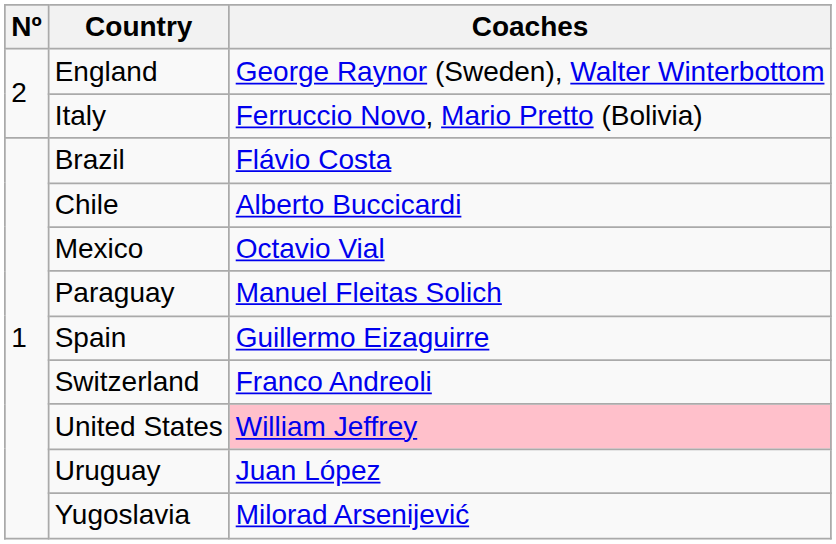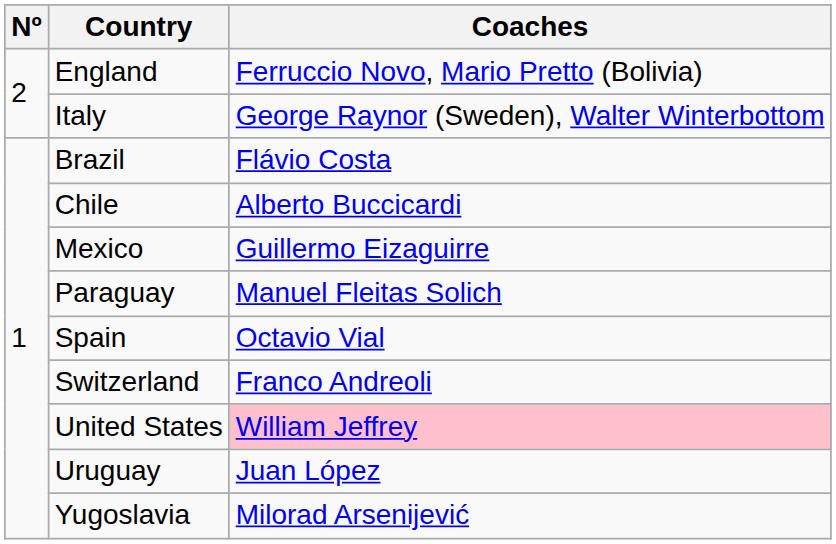 <table class="wikitable">
 <tr>
 <th>Nº</th>
 <th>Country</th>
 <th>Coaches</th>
 </tr>
 <tr>
 <td rowspan="2">2</td>
 <td> England</td>
-<td><a href='#'>George Raynor</a> (Sweden), <a href='#'>Walter Winterbottom</a></td>
+<td><a href='#'>Ferruccio Novo</a>, <a href='#'>Mario Pretto</a> (Bolivia)</td>
 </tr>
 <tr>
 <td> Italy</td>
-<td><a href='#'>Ferruccio Novo</a>, <a href='#'>Mario Pretto</a> (Bolivia)</td>
+<td><a href='#'>George Raynor</a> (Sweden), <a href='#'>Walter Winterbottom</a></td>
 </tr>
 <tr>
 <td rowspan="9">1</td>
 <td> Brazil</td>
 <td><a href='#'>Flávio Costa</a></td>
 </tr>
 <tr>
 <td> Chile</td>
 <td><a href='#'>Alberto Buccicardi</a></td>
 </tr>
 <tr>
 <td> Mexico</td>
-<td><a href='#'>Octavio Vial</a></td>
+<td><a href='#'>Guillermo Eizaguirre</a></td>
 </tr>
 <tr>
 <td> Paraguay</td>
 <td><a href='#'>Manuel Fleitas Solich</a></td>
 </tr>
 <tr>
 <td> Spain</td>
-<td><a href='#'>Guillermo Eizaguirre</a></td>
+<td><a href='#'>Octavio Vial</a></td>
 </tr>
 <tr>
 <td> Switzerland</td>
 <td><a href='#'>Franco Andreoli</a></td>
 </tr>
 <tr>
 <td> United States</td>
 <td style="background: pink;"><a href='#'>William Jeffrey</a></td>
 </tr>
 <tr>
 <td> Uruguay</td>
 <td><a href='#'>Juan López</a></td>
 </tr>
 <tr>
 <td> Yugoslavia</td>
 <td><a href='#'>Milorad Arsenijević</a></td>
 </tr>
 </table>
